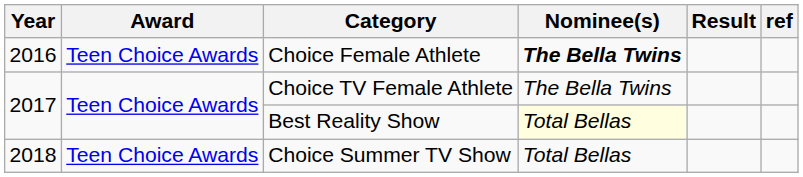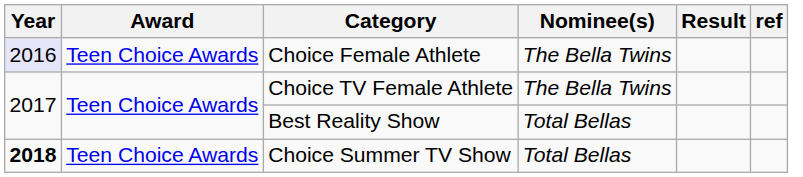 <table class="wikitable sortable">
 <tr>
 <th>Year</th>
 <th>Award</th>
 <th>Category</th>
 <th>Nominee(s)</th>
 <th>Result</th>
 <th>ref</th>
 </tr>
 <tr>
-<td>2016</td>
+<td style="background: lavender;">2016</td>
 <td><a href='#'>Teen Choice Awards</a></td>
 <td>Choice Female Athlete</td>
-<td><strong><em>The Bella Twins</em></strong></td>
+<td><em>The Bella Twins</em></td>
 <td></td>
 <td></td>
 </tr>
 <tr>
 <td rowspan="2">2017</td>
 <td rowspan="2"><a href='#'>Teen Choice Awards</a></td>
 <td>Choice TV Female Athlete</td>
 <td><em>The Bella Twins</em></td>
 <td></td>
 <td></td>
 </tr>
 <tr>
 <td>Best Reality Show</td>
-<td style="background: lightyellow;"><em>Total Bellas</em></td>
+<td><em>Total Bellas</em></td>
 <td></td>
 <td></td>
 </tr>
 <tr>
-<td>2018</td>
+<td><strong>2018</strong></td>
 <td><a href='#'>Teen Choice Awards</a></td>
 <td>Choice Summer TV Show</td>
 <td><em>Total Bellas</em></td>
 <td></td>
 <td></td>
 </tr>
 </table>
